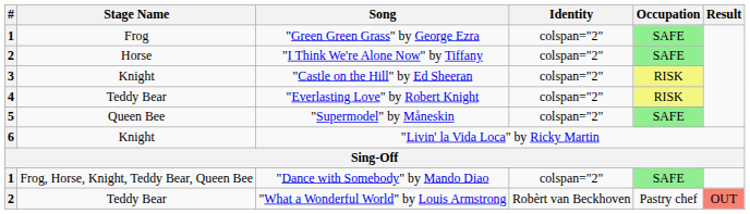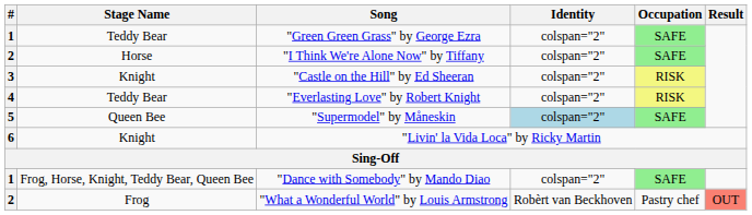 <table class="wikitable plainrowheaders" style="text-align: center;">
 <tr>
 <th><strong>#</strong></th>
 <th><strong>Stage Name</strong></th>
 <th><strong>Song</strong></th>
 <th>Identity</th>
 <th><strong>Occupation</strong></th>
 <th>Result</th>
 </tr>
 <tr>
 <th>1</th>
-<td>Frog</td>
+<td>Teddy Bear</td>
 <td>"<a href='#'>Green Green Grass</a>" by <a href='#'>George Ezra</a></td>
 <td>colspan="2" </td>
 <td bgcolor="lightgreen">SAFE</td>
 </tr>
 <tr>
 <th>2</th>
 <td>Horse</td>
 <td>"<a href='#'>I Think We're Alone Now</a>" by <a href='#'>Tiffany</a></td>
 <td>colspan="2" </td>
 <td bgcolor="lightgreen">SAFE</td>
 </tr>
 <tr>
 <th>3</th>
 <td>Knight</td>
 <td>"<a href='#'>Castle on the Hill</a>" by <a href='#'>Ed Sheeran</a></td>
 <td>colspan="2" </td>
 <td bgcolor="#F3F781">RISK</td>
 </tr>
 <tr>
 <th>4</th>
 <td>Teddy Bear</td>
 <td>"<a href='#'>Everlasting Love</a>" by <a href='#'>Robert Knight</a></td>
 <td>colspan="2" </td>
 <td bgcolor="#F3F781">RISK</td>
 </tr>
 <tr>
 <th>5</th>
 <td>Queen Bee</td>
 <td>"<a href='#'>Supermodel</a>" by <a href='#'>Måneskin</a></td>
-<td>colspan="2" </td>
+<td style="background: lightblue;">colspan="2" </td>
 <td bgcolor="lightgreen">SAFE</td>
 </tr>
 <tr>
 <th>6</th>
 <td>Knight</td>
 <td colspan="4">"<a href='#'>Livin' la Vida Loca</a>" by <a href='#'>Ricky Martin</a></td>
 </tr>
 <tr>
 <th colspan="6">Sing-Off</th>
 </tr>
 <tr>
 <th>1</th>
 <td>Frog, Horse, Knight, Teddy Bear, Queen Bee</td>
 <td>"<a href='#'>Dance with Somebody</a>" by <a href='#'>Mando Diao</a></td>
 <td>colspan="2" </td>
 <td bgcolor="lightgreen">SAFE</td>
 </tr>
 <tr>
 <th>2</th>
-<td>Teddy Bear</td>
+<td>Frog</td>
 <td>"<a href='#'>What a Wonderful World</a>" by <a href='#'>Louis Armstrong</a></td>
 <td>Robèrt van Beckhoven</td>
 <td>Pastry chef</td>
 <td bgcolor="salmon">OUT</td>
 </tr>
 </table>
